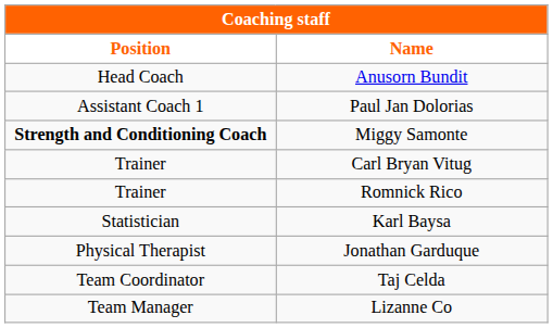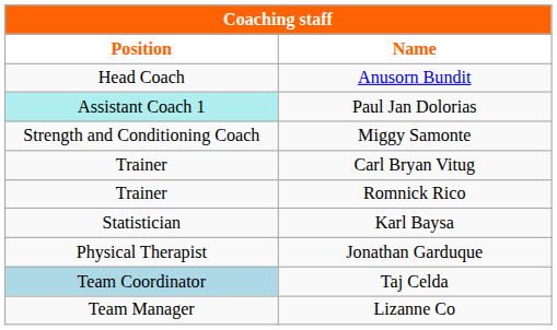 <table class="wikitable sortable" style="font-size:90%; text-align:center;">
 <tr>
 <th colspan="5" style= "background:#FF6201; color:white; text-align: center">Coaching staff</th>
 </tr>
 <tr align=center>
 <th style="width:15em; background:white; color:#FF6201;">Position</th>
 <th style="width:15em; background:white; color:#FF6201;">Name</th>
 </tr>
 <tr>
 <td>Head Coach</td>
 <td> <a href='#'>Anusorn Bundit</a></td>
 </tr>
 <tr>
-<td>Assistant Coach 1</td>
+<td style="background: paleturquoise;">Assistant Coach 1</td>
 <td> Paul Jan Dolorias</td>
 </tr>
 <tr>
-<td><strong>Strength and Conditioning Coach</strong></td>
+<td>Strength and Conditioning Coach</td>
 <td> Miggy Samonte</td>
 </tr>
 <tr>
 <td>Trainer</td>
 <td> Carl Bryan Vitug</td>
 </tr>
 <tr>
 <td>Trainer</td>
 <td> Romnick Rico</td>
 </tr>
 <tr>
 <td>Statistician</td>
 <td> Karl Baysa</td>
 </tr>
 <tr>
 <td>Physical Therapist</td>
 <td> Jonathan Garduque</td>
 </tr>
 <tr>
-<td>Team Coordinator</td>
+<td style="background: lightblue;">Team Coordinator</td>
 <td> Taj Celda</td>
 </tr>
 <tr>
 <td>Team Manager</td>
 <td> Lizanne Co</td>
 </tr>
 </table>
